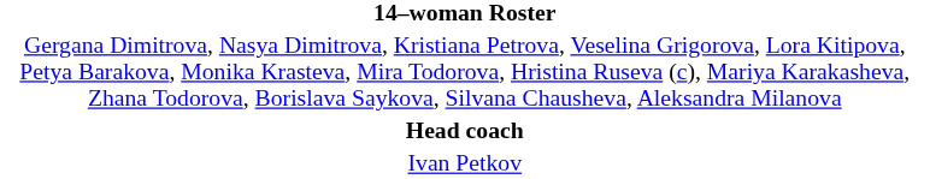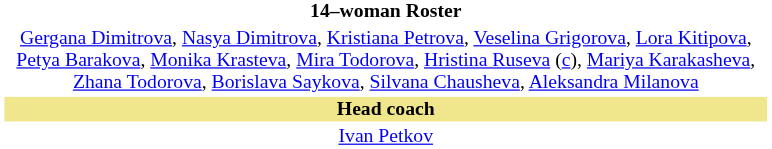 <table style="text-align:center; margin-top:2em; margin-left:auto; margin-right:auto">
 <tr>
 <td><strong>14–woman Roster</strong></td>
 </tr>
 <tr>
 <td><a href='#'>Gergana Dimitrova</a>, <a href='#'>Nasya Dimitrova</a>, <a href='#'>Kristiana Petrova</a>, <a href='#'>Veselina Grigorova</a>, <a href='#'>Lora Kitipova</a>, <a href='#'>Petya Barakova</a>, <a href='#'>Monika Krasteva</a>, <a href='#'>Mira Todorova</a>, <a href='#'>Hristina Ruseva</a> (<a href='#'>c</a>), <a href='#'>Mariya Karakasheva</a>, <a href='#'>Zhana Todorova</a>, <a href='#'>Borislava Saykova</a>, <a href='#'>Silvana Chausheva</a>, <a href='#'>Aleksandra Milanova</a></td>
 </tr>
 <tr>
-<td><strong>Head coach</strong></td>
+<td style="background: khaki;"><strong>Head coach</strong></td>
 </tr>
 <tr>
 <td><a href='#'>Ivan Petkov</a></td>
 </tr>
 </table>
